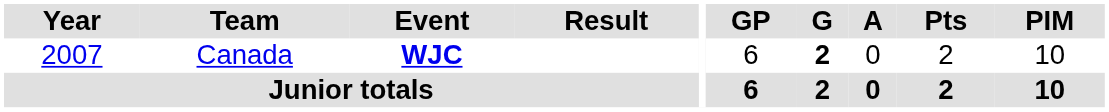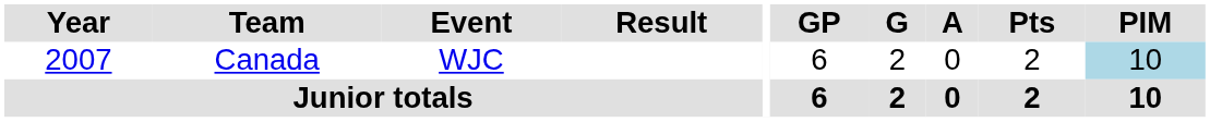 <table border="0" cellpadding="1" cellspacing="0" ID="Table3" style="text-align:center; width:40em">
 <tr ALIGN="centre" bgcolor="#e0e0e0">
 <th>Year</th>
 <th>Team</th>
 <th>Event</th>
 <th>Result</th>
 <th rowspan="99" bgcolor="#ffffff"></th>
 <th>GP</th>
 <th>G</th>
 <th>A</th>
 <th>Pts</th>
 <th>PIM</th>
 </tr>
 <tr>
 <td><a href='#'>2007</a></td>
 <td><a href='#'>Canada</a></td>
-<td><strong><a href='#'>WJC</a></strong></td>
+<td><a href='#'>WJC</a></td>
 <td></td>
 <td>6</td>
-<td><strong>2</strong></td>
+<td>2</td>
 <td>0</td>
 <td>2</td>
-<td>10</td>
+<td style="background: lightblue;">10</td>
 </tr>
 <tr bgcolor="#e0e0e0">
 <th colspan=4>Junior totals</th>
 <th>6</th>
 <th>2</th>
 <th>0</th>
 <th>2</th>
 <th>10</th>
 </tr>
 </table>
